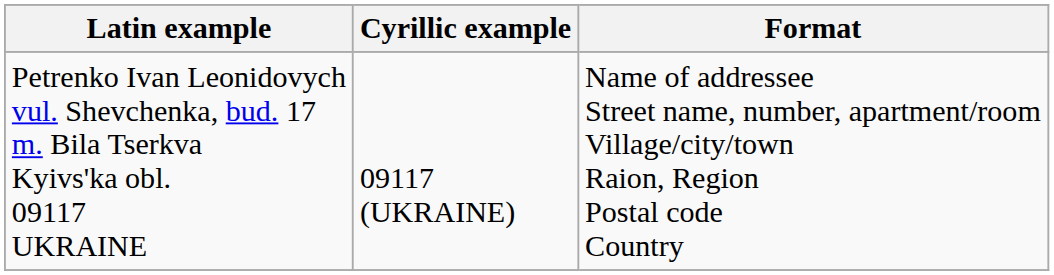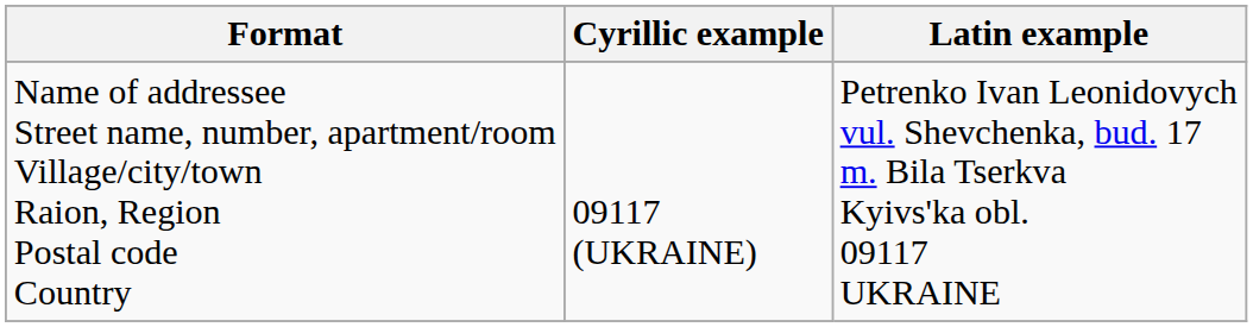 <table class="wikitable">
 <tr>
+<th>Format</th>
+<th>Cyrillic example</th>
 <th>Latin example</th>
-<th>Cyrillic example</th>
-<th>Format</th>
 </tr>
 <tr>
+<td>Name of addressee<br>Street name, number, apartment/room<br>Village/city/town<br>Raion, Region<br>Postal code<br>Country</td>
+<td><br><br>09117<br> (UKRAINE)</td>
 <td>Petrenko Ivan Leonidovych<br><a href='#'>vul.</a> Shevchenka, <a href='#'>bud.</a> 17<br><a href='#'>m.</a> Bila Tserkva<br>Kyivs'ka obl.<br>09117<br>UKRAINE</td>
-<td><br><br>09117<br> (UKRAINE)</td>
-<td>Name of addressee<br>Street name, number, apartment/room<br>Village/city/town<br>Raion, Region<br>Postal code<br>Country</td>
 </tr>
 </table>
